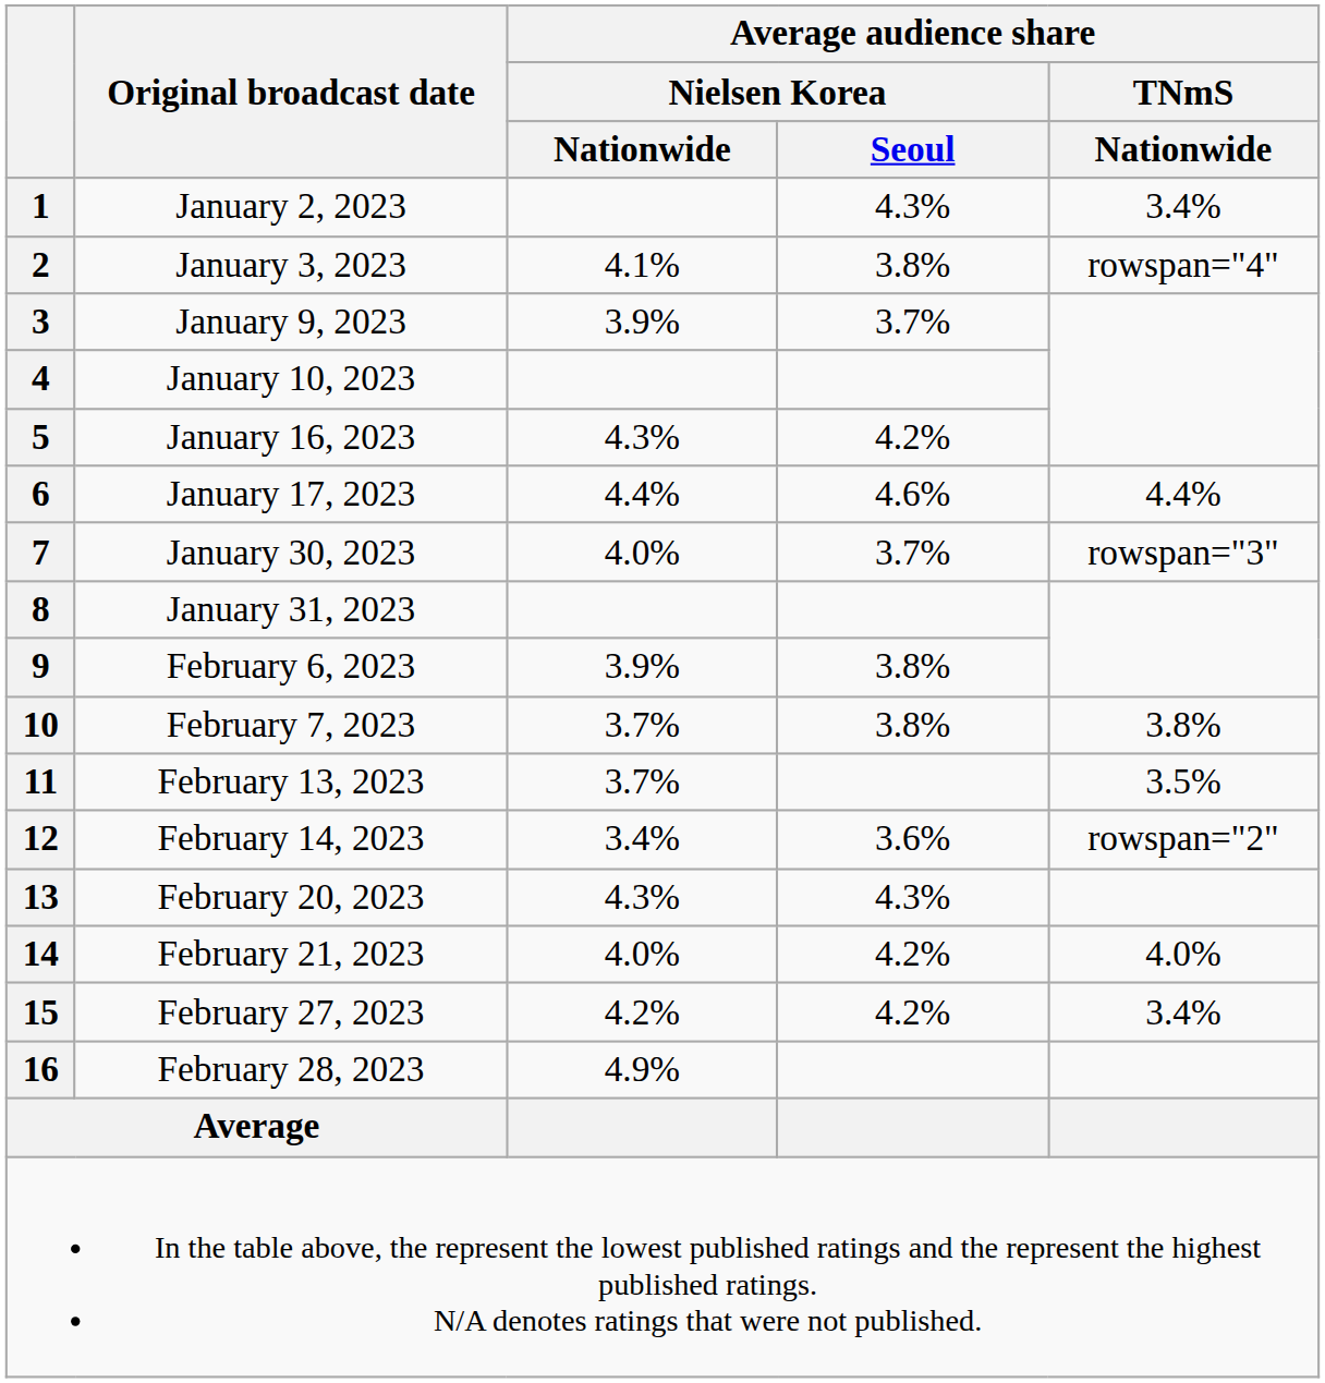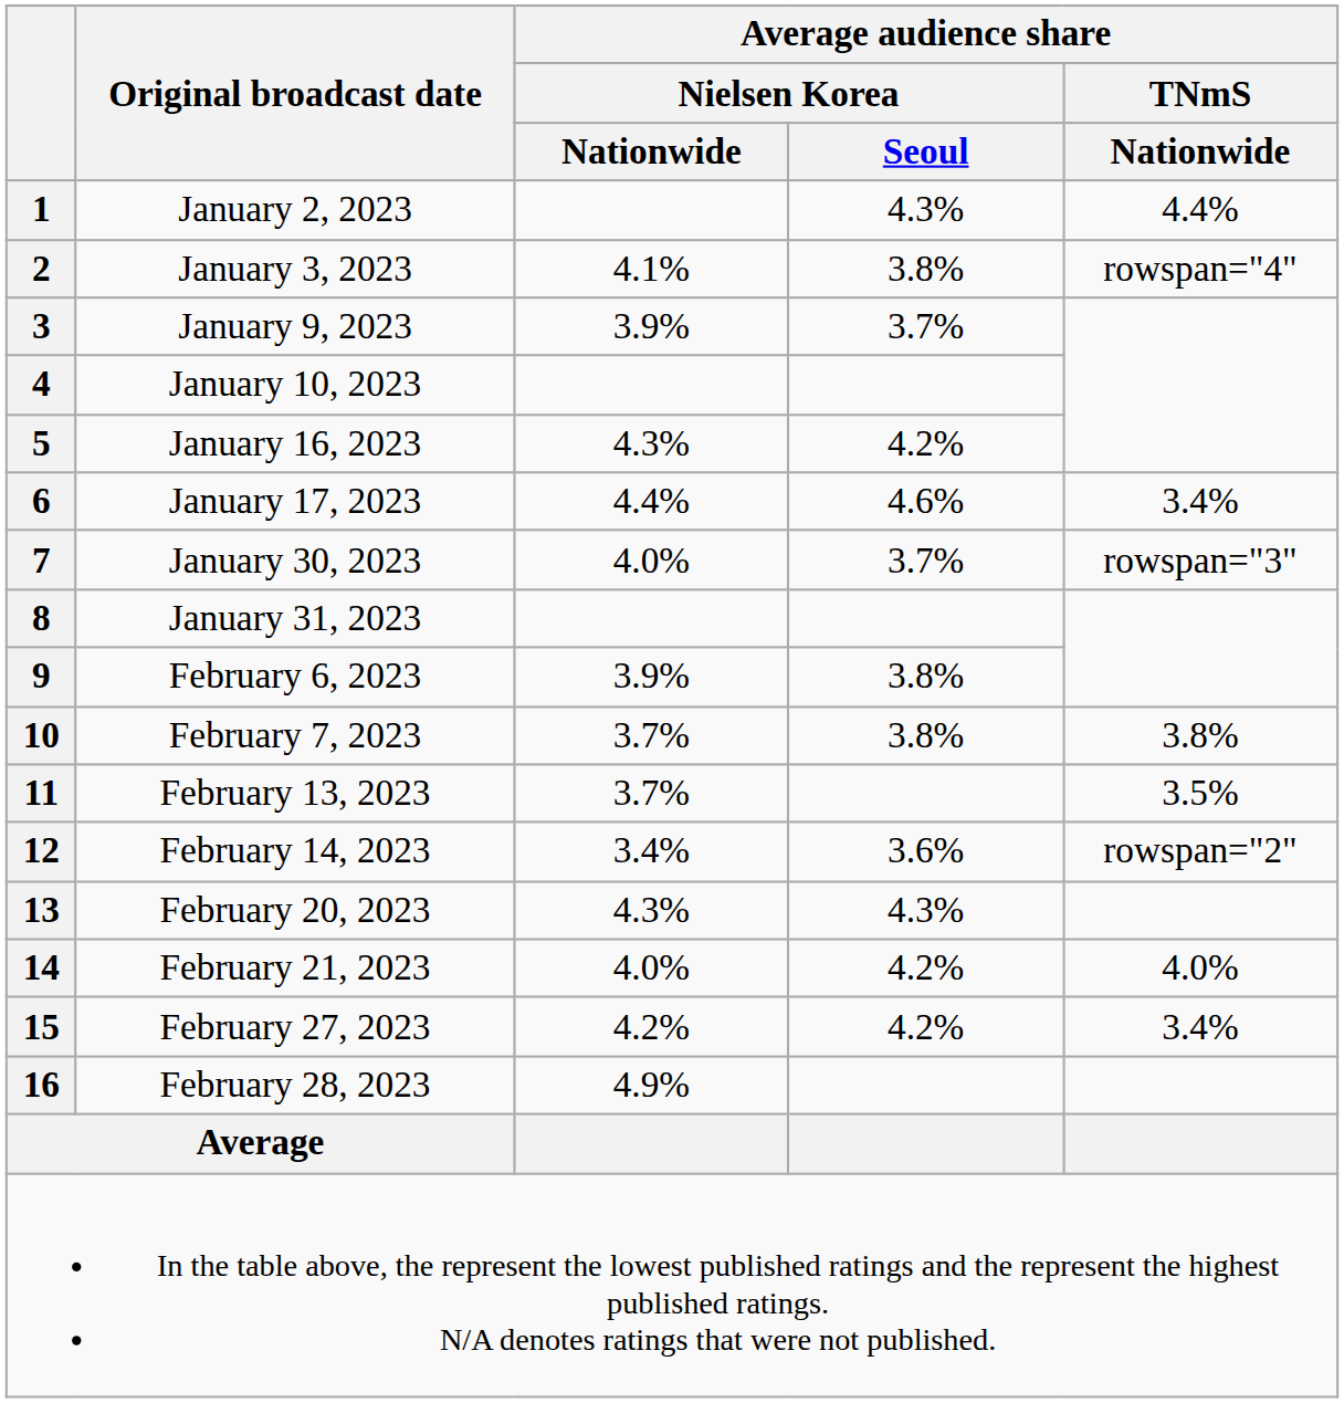 <table class="wikitable" style="text-align:center; max-width:580px; margin-left:auto; margin-right:auto">
 <tr>
 <th scope="col" rowspan="3"></th>
 <th scope="col" rowspan="3">Original broadcast date</th>
 <th scope="col" colspan="3">Average audience share</th>
 </tr>
 <tr>
 <th scope="col" colspan="2">Nielsen Korea</th>
 <th scope="col" colspan="1">TNmS</th>
 </tr>
 <tr>
 <th scope="col" style="width:7em">Nationwide</th>
 <th scope="col" style="width:7em"><a href='#'>Seoul</a></th>
 <th scope="col" style="width:7em">Nationwide</th>
 </tr>
 <tr>
 <th scope="col">1</th>
 <td>January 2, 2023</td>
 <td><strong></strong> </td>
 <td>4.3% </td>
-<td>3.4% </td>
+<td>4.4% </td>
 </tr>
 <tr>
 <th scope="col">2</th>
 <td>January 3, 2023</td>
 <td>4.1% </td>
 <td>3.8% </td>
 <td>rowspan="4" </td>
 </tr>
 <tr>
 <th scope="col">3</th>
 <td>January 9, 2023</td>
 <td>3.9% </td>
 <td>3.7% </td>
 </tr>
 <tr>
 <th scope="col">4</th>
 <td>January 10, 2023</td>
 <td><strong></strong> </td>
 <td></td>
 </tr>
 <tr>
 <th scope="col">5</th>
 <td>January 16, 2023</td>
 <td>4.3% </td>
 <td>4.2% </td>
 </tr>
 <tr>
 <th scope="col">6</th>
 <td>January 17, 2023</td>
 <td>4.4% </td>
 <td>4.6% </td>
-<td>4.4% </td>
+<td>3.4% </td>
 </tr>
 <tr>
 <th scope="col">7</th>
 <td>January 30, 2023</td>
 <td>4.0% </td>
 <td>3.7% </td>
 <td>rowspan="3" </td>
 </tr>
 <tr>
 <th scope="col">8</th>
 <td>January 31, 2023</td>
 <td><strong></strong> </td>
 <td></td>
 </tr>
 <tr>
 <th scope="col">9</th>
 <td>February 6, 2023</td>
 <td>3.9% </td>
 <td>3.8% </td>
 </tr>
 <tr>
 <th scope="col">10</th>
 <td>February 7, 2023</td>
 <td>3.7% </td>
 <td>3.8% </td>
 <td>3.8% </td>
 </tr>
 <tr>
 <th scope="col">11</th>
 <td>February 13, 2023</td>
 <td>3.7% </td>
 <td><strong></strong> </td>
 <td>3.5% </td>
 </tr>
 <tr>
 <th scope="col">12</th>
 <td>February 14, 2023</td>
 <td>3.4% </td>
 <td>3.6% </td>
 <td>rowspan="2" </td>
 </tr>
 <tr>
 <th scope="col">13</th>
 <td>February 20, 2023</td>
 <td>4.3% </td>
 <td>4.3% </td>
 </tr>
 <tr>
 <th scope="col">14</th>
 <td>February 21, 2023</td>
 <td>4.0% </td>
 <td>4.2% </td>
 <td>4.0% </td>
 </tr>
 <tr>
 <th scope="col">15</th>
 <td>February 27, 2023</td>
 <td>4.2% </td>
 <td>4.2% </td>
 <td>3.4% </td>
 </tr>
 <tr>
 <th scope="col">16</th>
 <td>February 28, 2023</td>
 <td>4.9% </td>
 <td><strong></strong> </td>
 <td></td>
 </tr>
 <tr>
 <th scope="col" colspan="2">Average</th>
 <th scope="col"></th>
 <th scope="col"></th>
 <th scope="col"></th>
 </tr>
 <tr>
 <td colspan="5" style="font-size:85%"><br><ul><li>In the table above, the <strong></strong> represent the lowest published ratings and the <strong></strong> represent the highest published ratings.</li><li>N/A denotes ratings that were not published.</li></ul></td>
 </tr>
 </table>
